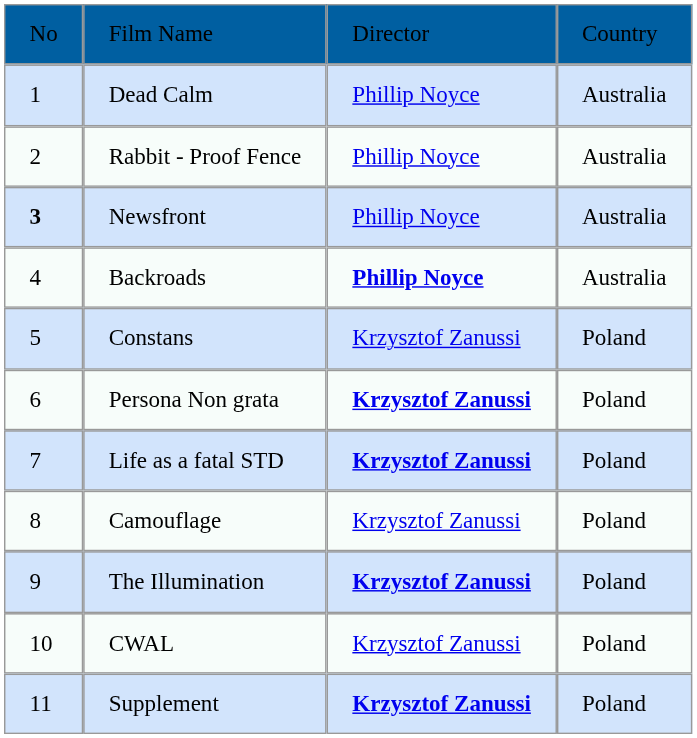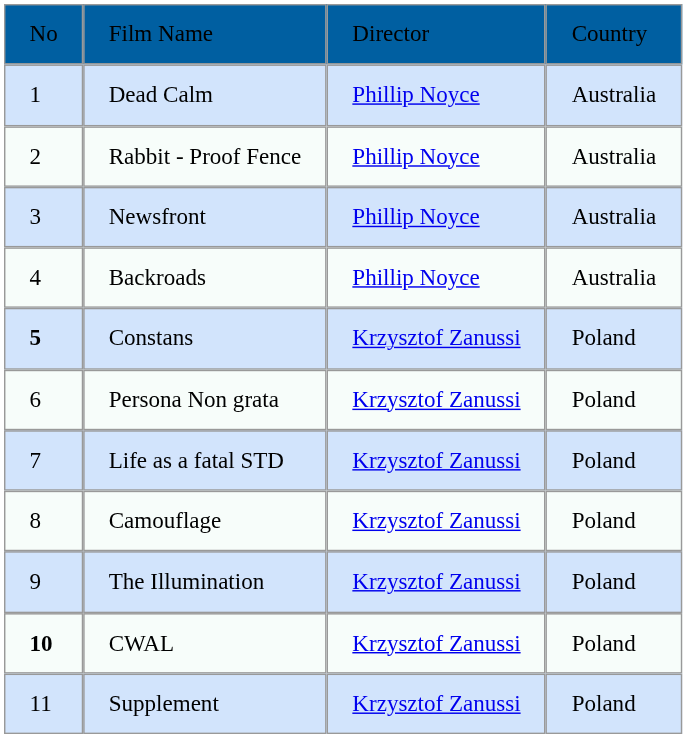 <table style="border-spacing:0;">
 <tr>
 <td style="background-color:#005fa1;border:0.05pt solid #999999;padding-top:0.116in;padding-bottom:0.116in;padding-left:0.1743in;padding-right:0.1743in;"><div>No</div></td>
 <td style="background-color:#005fa1;border:0.05pt solid #999999;padding-top:0.116in;padding-bottom:0.116in;padding-left:0.1743in;padding-right:0.1743in;">Film Name</td>
 <td style="background-color:#005fa1;border:0.05pt solid #999999;padding-top:0.116in;padding-bottom:0.116in;padding-left:0.1743in;padding-right:0.1743in;">Director</td>
 <td style="background-color:#005fa1;border:0.05pt solid #999999;padding-top:0.116in;padding-bottom:0.116in;padding-left:0.1743in;padding-right:0.1743in;">Country</td>
 </tr>
 <tr>
 <td style="background-color:#d2e4fc;border:0.05pt solid #999999;padding-top:0.116in;padding-bottom:0.116in;padding-left:0.1743in;padding-right:0.1743in;"><div>1</div></td>
 <td style="background-color:#d2e4fc;border:0.05pt solid #999999;padding-top:0.116in;padding-bottom:0.116in;padding-left:0.1743in;padding-right:0.1743in;">Dead Calm</td>
 <td style="background-color:#d2e4fc;border:0.05pt solid #999999;padding-top:0.116in;padding-bottom:0.116in;padding-left:0.1743in;padding-right:0.1743in;"><a href='#'>Phillip Noyce</a></td>
 <td style="background-color:#d2e4fc;border:0.05pt solid #999999;padding-top:0.116in;padding-bottom:0.116in;padding-left:0.1743in;padding-right:0.1743in;">Australia</td>
 </tr>
 <tr>
 <td style="background-color:#f7fdfa;border:0.05pt solid #999999;padding-top:0.116in;padding-bottom:0.116in;padding-left:0.1743in;padding-right:0.1743in;"><div>2</div></td>
 <td style="background-color:#f7fdfa;border:0.05pt solid #999999;padding-top:0.116in;padding-bottom:0.116in;padding-left:0.1743in;padding-right:0.1743in;">Rabbit - Proof Fence</td>
 <td style="background-color:#f7fdfa;border:0.05pt solid #999999;padding-top:0.116in;padding-bottom:0.116in;padding-left:0.1743in;padding-right:0.1743in;"><a href='#'>Phillip Noyce</a></td>
 <td style="background-color:#f7fdfa;border:0.05pt solid #999999;padding-top:0.116in;padding-bottom:0.116in;padding-left:0.1743in;padding-right:0.1743in;">Australia</td>
 </tr>
 <tr>
-<td style="background-color:#d2e4fc;border:0.05pt solid #999999;padding-top:0.116in;padding-bottom:0.116in;padding-left:0.1743in;padding-right:0.1743in;"><strong><div>3</div></strong></td>
+<td style="background-color:#d2e4fc;border:0.05pt solid #999999;padding-top:0.116in;padding-bottom:0.116in;padding-left:0.1743in;padding-right:0.1743in;"><div>3</div></td>
 <td style="background-color:#d2e4fc;border:0.05pt solid #999999;padding-top:0.116in;padding-bottom:0.116in;padding-left:0.1743in;padding-right:0.1743in;">Newsfront</td>
 <td style="background-color:#d2e4fc;border:0.05pt solid #999999;padding-top:0.116in;padding-bottom:0.116in;padding-left:0.1743in;padding-right:0.1743in;"><a href='#'>Phillip Noyce</a></td>
 <td style="background-color:#d2e4fc;border:0.05pt solid #999999;padding-top:0.116in;padding-bottom:0.116in;padding-left:0.1743in;padding-right:0.1743in;">Australia</td>
 </tr>
 <tr>
 <td style="background-color:#f7fdfa;border:0.05pt solid #999999;padding-top:0.116in;padding-bottom:0.116in;padding-left:0.1743in;padding-right:0.1743in;"><div>4</div></td>
 <td style="background-color:#f7fdfa;border:0.05pt solid #999999;padding-top:0.116in;padding-bottom:0.116in;padding-left:0.1743in;padding-right:0.1743in;">Backroads</td>
-<td style="background-color:#f7fdfa;border:0.05pt solid #999999;padding-top:0.116in;padding-bottom:0.116in;padding-left:0.1743in;padding-right:0.1743in;"><strong><a href='#'>Phillip Noyce</a></strong></td>
+<td style="background-color:#f7fdfa;border:0.05pt solid #999999;padding-top:0.116in;padding-bottom:0.116in;padding-left:0.1743in;padding-right:0.1743in;"><a href='#'>Phillip Noyce</a></td>
 <td style="background-color:#f7fdfa;border:0.05pt solid #999999;padding-top:0.116in;padding-bottom:0.116in;padding-left:0.1743in;padding-right:0.1743in;">Australia</td>
 </tr>
 <tr>
-<td style="background-color:#d2e4fc;border:0.05pt solid #999999;padding-top:0.116in;padding-bottom:0.116in;padding-left:0.1743in;padding-right:0.1743in;"><div>5</div></td>
+<td style="background-color:#d2e4fc;border:0.05pt solid #999999;padding-top:0.116in;padding-bottom:0.116in;padding-left:0.1743in;padding-right:0.1743in;"><strong><div>5</div></strong></td>
 <td style="background-color:#d2e4fc;border:0.05pt solid #999999;padding-top:0.116in;padding-bottom:0.116in;padding-left:0.1743in;padding-right:0.1743in;">Constans</td>
 <td style="background-color:#d2e4fc;border:0.05pt solid #999999;padding-top:0.116in;padding-bottom:0.116in;padding-left:0.1743in;padding-right:0.1743in;"><a href='#'>Krzysztof Zanussi</a></td>
 <td style="background-color:#d2e4fc;border:0.05pt solid #999999;padding-top:0.116in;padding-bottom:0.116in;padding-left:0.1743in;padding-right:0.1743in;">Poland</td>
 </tr>
 <tr>
 <td style="background-color:#f7fdfa;border:0.05pt solid #999999;padding-top:0.116in;padding-bottom:0.116in;padding-left:0.1743in;padding-right:0.1743in;"><div>6</div></td>
 <td style="background-color:#f7fdfa;border:0.05pt solid #999999;padding-top:0.116in;padding-bottom:0.116in;padding-left:0.1743in;padding-right:0.1743in;">Persona Non grata</td>
-<td style="background-color:#f7fdfa;border:0.05pt solid #999999;padding-top:0.116in;padding-bottom:0.116in;padding-left:0.1743in;padding-right:0.1743in;"><strong><a href='#'>Krzysztof Zanussi</a></strong></td>
+<td style="background-color:#f7fdfa;border:0.05pt solid #999999;padding-top:0.116in;padding-bottom:0.116in;padding-left:0.1743in;padding-right:0.1743in;"><a href='#'>Krzysztof Zanussi</a></td>
 <td style="background-color:#f7fdfa;border:0.05pt solid #999999;padding-top:0.116in;padding-bottom:0.116in;padding-left:0.1743in;padding-right:0.1743in;">Poland</td>
 </tr>
 <tr>
 <td style="background-color:#d2e4fc;border:0.05pt solid #999999;padding-top:0.116in;padding-bottom:0.116in;padding-left:0.1743in;padding-right:0.1743in;"><div>7</div></td>
 <td style="background-color:#d2e4fc;border:0.05pt solid #999999;padding-top:0.116in;padding-bottom:0.116in;padding-left:0.1743in;padding-right:0.1743in;">Life as a fatal STD</td>
-<td style="background-color:#d2e4fc;border:0.05pt solid #999999;padding-top:0.116in;padding-bottom:0.116in;padding-left:0.1743in;padding-right:0.1743in;"><strong><a href='#'>Krzysztof Zanussi</a></strong></td>
+<td style="background-color:#d2e4fc;border:0.05pt solid #999999;padding-top:0.116in;padding-bottom:0.116in;padding-left:0.1743in;padding-right:0.1743in;"><a href='#'>Krzysztof Zanussi</a></td>
 <td style="background-color:#d2e4fc;border:0.05pt solid #999999;padding-top:0.116in;padding-bottom:0.116in;padding-left:0.1743in;padding-right:0.1743in;">Poland</td>
 </tr>
 <tr>
 <td style="background-color:#f7fdfa;border:0.05pt solid #999999;padding-top:0.116in;padding-bottom:0.116in;padding-left:0.1743in;padding-right:0.1743in;"><div>8</div></td>
 <td style="background-color:#f7fdfa;border:0.05pt solid #999999;padding-top:0.116in;padding-bottom:0.116in;padding-left:0.1743in;padding-right:0.1743in;">Camouflage</td>
 <td style="background-color:#f7fdfa;border:0.05pt solid #999999;padding-top:0.116in;padding-bottom:0.116in;padding-left:0.1743in;padding-right:0.1743in;"><a href='#'>Krzysztof Zanussi</a></td>
 <td style="background-color:#f7fdfa;border:0.05pt solid #999999;padding-top:0.116in;padding-bottom:0.116in;padding-left:0.1743in;padding-right:0.1743in;">Poland</td>
 </tr>
 <tr>
 <td style="background-color:#d2e4fc;border:0.05pt solid #999999;padding-top:0.116in;padding-bottom:0.116in;padding-left:0.1743in;padding-right:0.1743in;"><div>9</div></td>
 <td style="background-color:#d2e4fc;border:0.05pt solid #999999;padding-top:0.116in;padding-bottom:0.116in;padding-left:0.1743in;padding-right:0.1743in;">The Illumination</td>
-<td style="background-color:#d2e4fc;border:0.05pt solid #999999;padding-top:0.116in;padding-bottom:0.116in;padding-left:0.1743in;padding-right:0.1743in;"><strong><a href='#'>Krzysztof Zanussi</a></strong></td>
+<td style="background-color:#d2e4fc;border:0.05pt solid #999999;padding-top:0.116in;padding-bottom:0.116in;padding-left:0.1743in;padding-right:0.1743in;"><a href='#'>Krzysztof Zanussi</a></td>
 <td style="background-color:#d2e4fc;border:0.05pt solid #999999;padding-top:0.116in;padding-bottom:0.116in;padding-left:0.1743in;padding-right:0.1743in;">Poland</td>
 </tr>
 <tr>
-<td style="background-color:#f7fdfa;border:0.05pt solid #999999;padding-top:0.116in;padding-bottom:0.116in;padding-left:0.1743in;padding-right:0.1743in;"><div>10</div></td>
+<td style="background-color:#f7fdfa;border:0.05pt solid #999999;padding-top:0.116in;padding-bottom:0.116in;padding-left:0.1743in;padding-right:0.1743in;"><strong><div>10</div></strong></td>
 <td style="background-color:#f7fdfa;border:0.05pt solid #999999;padding-top:0.116in;padding-bottom:0.116in;padding-left:0.1743in;padding-right:0.1743in;">CWAL</td>
 <td style="background-color:#f7fdfa;border:0.05pt solid #999999;padding-top:0.116in;padding-bottom:0.116in;padding-left:0.1743in;padding-right:0.1743in;"><a href='#'>Krzysztof Zanussi</a></td>
 <td style="background-color:#f7fdfa;border:0.05pt solid #999999;padding-top:0.116in;padding-bottom:0.116in;padding-left:0.1743in;padding-right:0.1743in;">Poland</td>
 </tr>
 <tr>
 <td style="background-color:#d2e4fc;border:0.05pt solid #999999;padding-top:0.116in;padding-bottom:0.116in;padding-left:0.1743in;padding-right:0.1743in;"><div>11</div></td>
 <td style="background-color:#d2e4fc;border:0.05pt solid #999999;padding-top:0.116in;padding-bottom:0.116in;padding-left:0.1743in;padding-right:0.1743in;">Supplement</td>
-<td style="background-color:#d2e4fc;border:0.05pt solid #999999;padding-top:0.116in;padding-bottom:0.116in;padding-left:0.1743in;padding-right:0.1743in;"><strong><a href='#'>Krzysztof Zanussi</a></strong></td>
+<td style="background-color:#d2e4fc;border:0.05pt solid #999999;padding-top:0.116in;padding-bottom:0.116in;padding-left:0.1743in;padding-right:0.1743in;"><a href='#'>Krzysztof Zanussi</a></td>
 <td style="background-color:#d2e4fc;border:0.05pt solid #999999;padding-top:0.116in;padding-bottom:0.116in;padding-left:0.1743in;padding-right:0.1743in;">Poland</td>
 </tr>
 </table>
